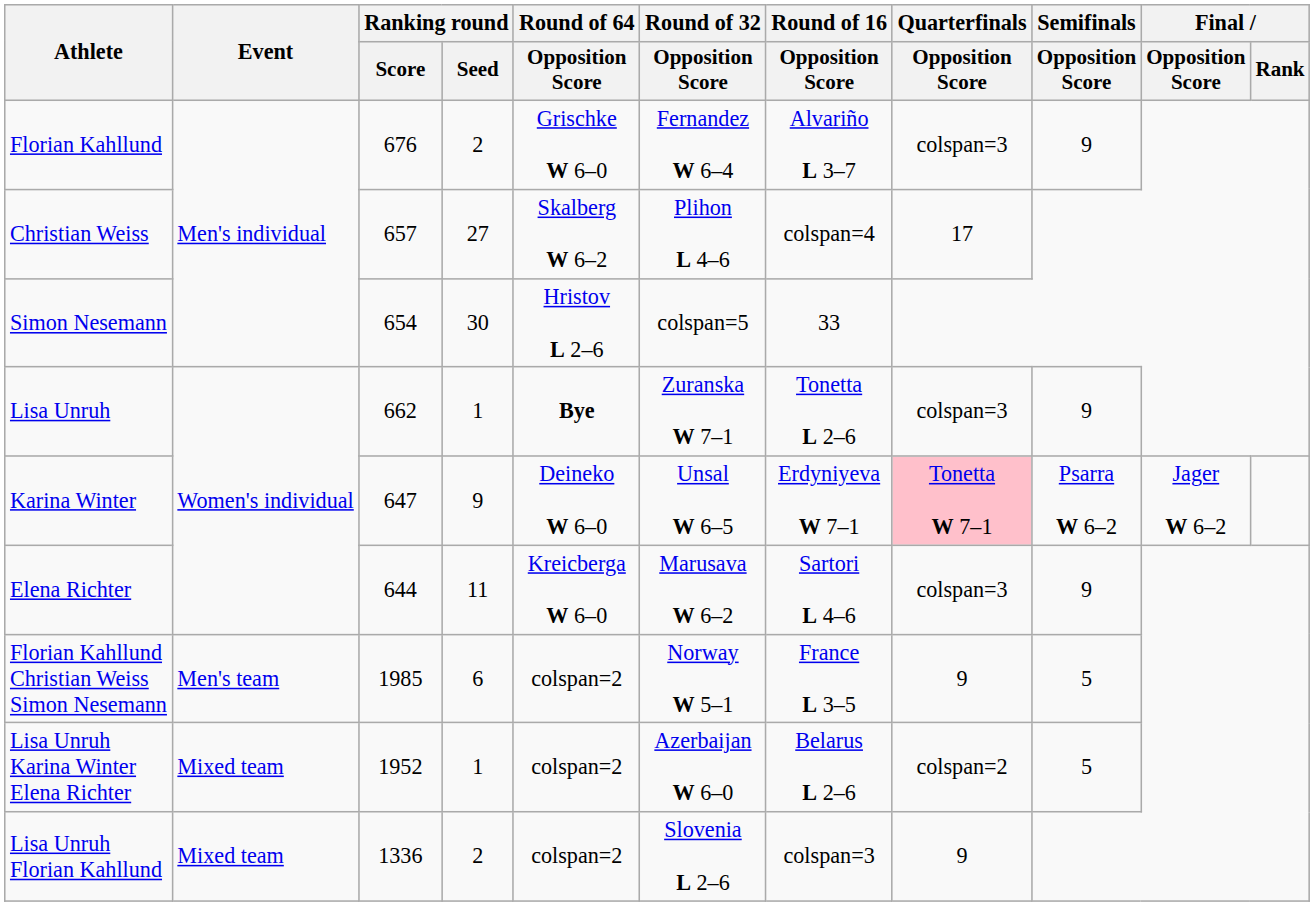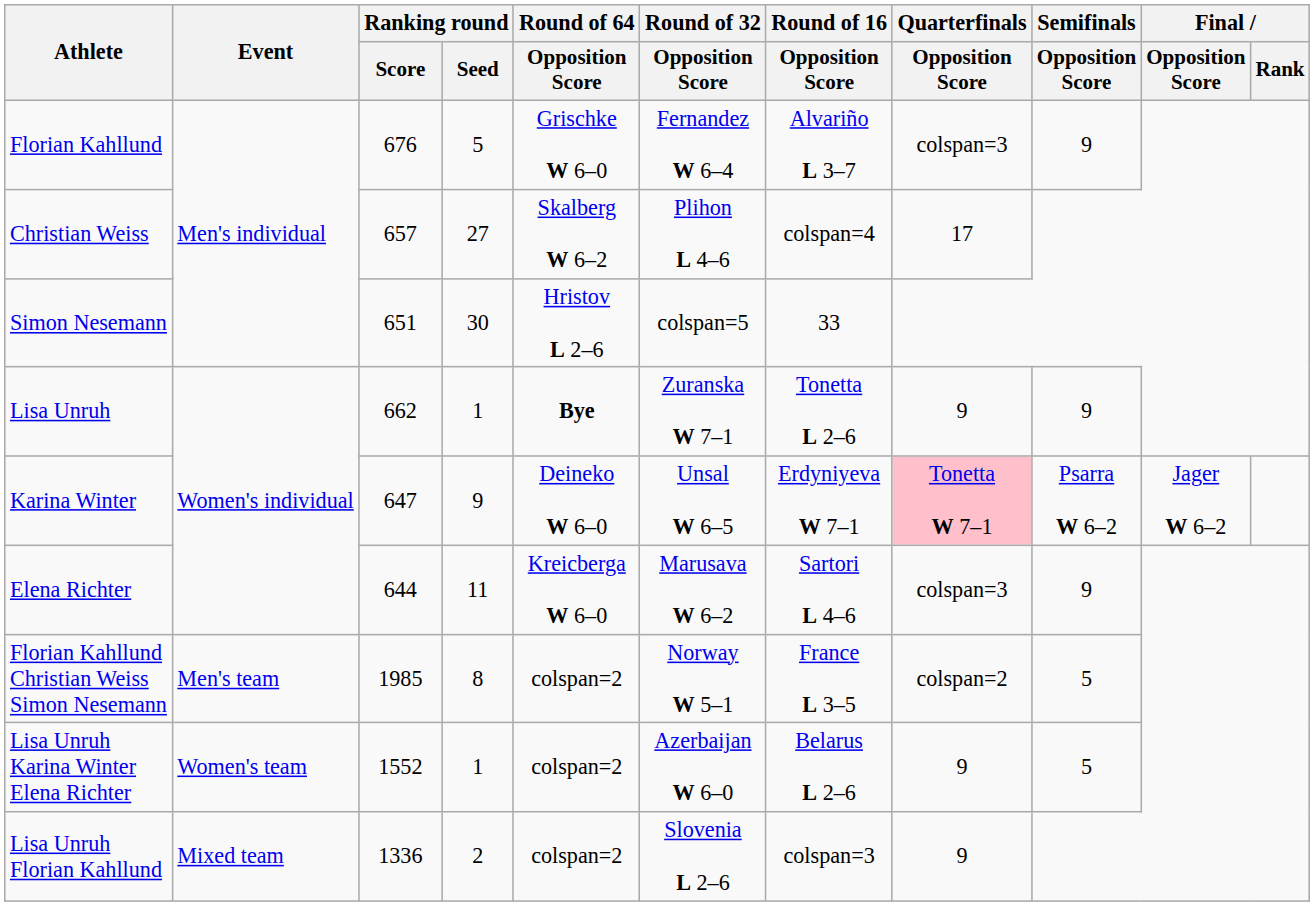 <table class="wikitable" style="font-size:90%">
 <tr>
 <th rowspan=2>Athlete</th>
 <th rowspan=2>Event</th>
 <th colspan=2>Ranking round</th>
 <th>Round of 64</th>
 <th>Round of 32</th>
 <th>Round of 16</th>
 <th>Quarterfinals</th>
 <th>Semifinals</th>
 <th colspan=2>Final / </th>
 </tr>
 <tr style="font-size:95%">
 <th>Score</th>
 <th>Seed</th>
 <th>Opposition<br>Score</th>
 <th>Opposition<br>Score</th>
 <th>Opposition<br>Score</th>
 <th>Opposition<br>Score</th>
 <th>Opposition<br>Score</th>
 <th>Opposition<br>Score</th>
 <th>Rank</th>
 </tr>
 <tr align=center>
 <td align=left><a href='#'>Florian Kahllund</a></td>
 <td style="text-align:left;" rowspan="3"><a href='#'>Men's individual</a></td>
 <td>676</td>
-<td>2</td>
+<td>5</td>
 <td><a href='#'>Grischke</a><br><br><strong>W</strong> 6–0</td>
 <td><a href='#'>Fernandez</a><br><br> <strong>W</strong> 6–4</td>
 <td><a href='#'>Alvariño</a><br><br> <strong>L</strong> 3–7</td>
 <td>colspan=3 </td>
 <td>9</td>
 </tr>
 <tr align=center>
 <td align=left><a href='#'>Christian Weiss</a></td>
 <td>657</td>
 <td>27</td>
 <td><a href='#'>Skalberg</a><br><br><strong>W</strong> 6–2</td>
 <td><a href='#'>Plihon</a><br><br><strong>L</strong> 4–6</td>
 <td>colspan=4 </td>
 <td>17</td>
 </tr>
 <tr align=center>
 <td align=left><a href='#'>Simon Nesemann</a></td>
-<td>654</td>
+<td>651</td>
 <td>30</td>
 <td><a href='#'>Hristov</a><br><br><strong>L</strong> 2–6</td>
 <td>colspan=5 </td>
 <td>33</td>
 </tr>
 <tr align=center>
 <td align=left><a href='#'>Lisa Unruh</a></td>
 <td style="text-align:left;" rowspan="3"><a href='#'>Women's individual</a></td>
 <td>662</td>
 <td>1</td>
 <td><strong>Bye</strong></td>
 <td><a href='#'>Zuranska</a><br><br><strong>W</strong> 7–1</td>
 <td><a href='#'>Tonetta</a><br><br><strong>L</strong> 2–6</td>
-<td>colspan=3 </td>
+<td>9</td>
 <td>9</td>
 </tr>
 <tr align=center>
 <td align=left><a href='#'>Karina Winter</a></td>
 <td>647</td>
 <td>9</td>
 <td><a href='#'>Deineko</a><br><br><strong>W</strong> 6–0</td>
 <td><a href='#'>Unsal</a><br><br><strong>W</strong> 6–5</td>
 <td><a href='#'>Erdyniyeva</a><br><br><strong>W</strong> 7–1</td>
 <td style="background: pink;"><a href='#'>Tonetta</a><br><br><strong>W</strong> 7–1</td>
 <td><a href='#'>Psarra</a><br><br><strong>W</strong> 6–2</td>
 <td><a href='#'>Jager</a><br><br><strong>W</strong> 6–2</td>
 <td></td>
 </tr>
 <tr align=center>
 <td align=left><a href='#'>Elena Richter</a></td>
 <td>644</td>
 <td>11</td>
 <td><a href='#'>Kreicberga</a><br><br><strong>W</strong> 6–0</td>
 <td><a href='#'>Marusava</a><br><br><strong>W</strong> 6–2</td>
 <td><a href='#'>Sartori</a><br><br><strong>L</strong> 4–6</td>
 <td>colspan=3 </td>
 <td>9</td>
 </tr>
 <tr align=center>
 <td align=left><a href='#'>Florian Kahllund</a><br><a href='#'>Christian Weiss</a><br><a href='#'>Simon Nesemann</a></td>
 <td align=left><a href='#'>Men's team</a></td>
 <td>1985</td>
-<td>6</td>
+<td>8</td>
 <td>colspan=2 </td>
 <td><a href='#'>Norway</a><br><br> <strong>W</strong> 5–1</td>
 <td><a href='#'>France</a><br><br> <strong>L</strong> 3–5</td>
-<td>9</td>
+<td>colspan=2 </td>
 <td>5</td>
 </tr>
 <tr align=center>
 <td align=left><a href='#'>Lisa Unruh</a><br><a href='#'>Karina Winter</a><br><a href='#'>Elena Richter</a></td>
-<td align=left><a href='#'>Mixed team</a></td>
-<td>1952</td>
+<td align=left><a href='#'>Women's team</a></td>
+<td>1552</td>
 <td>1</td>
 <td>colspan=2 </td>
 <td><a href='#'>Azerbaijan</a><br><br> <strong>W</strong> 6–0</td>
 <td><a href='#'>Belarus</a><br><br> <strong>L</strong> 2–6</td>
-<td>colspan=2 </td>
+<td>9</td>
 <td>5</td>
 </tr>
 <tr align=center>
 <td align=left><a href='#'>Lisa Unruh</a><br><a href='#'>Florian Kahllund</a></td>
 <td align=left><a href='#'>Mixed team</a></td>
 <td>1336</td>
 <td>2</td>
 <td>colspan=2 </td>
 <td><a href='#'>Slovenia</a><br><br> <strong>L</strong> 2–6</td>
 <td>colspan=3 </td>
 <td>9</td>
 </tr>
 </table>
